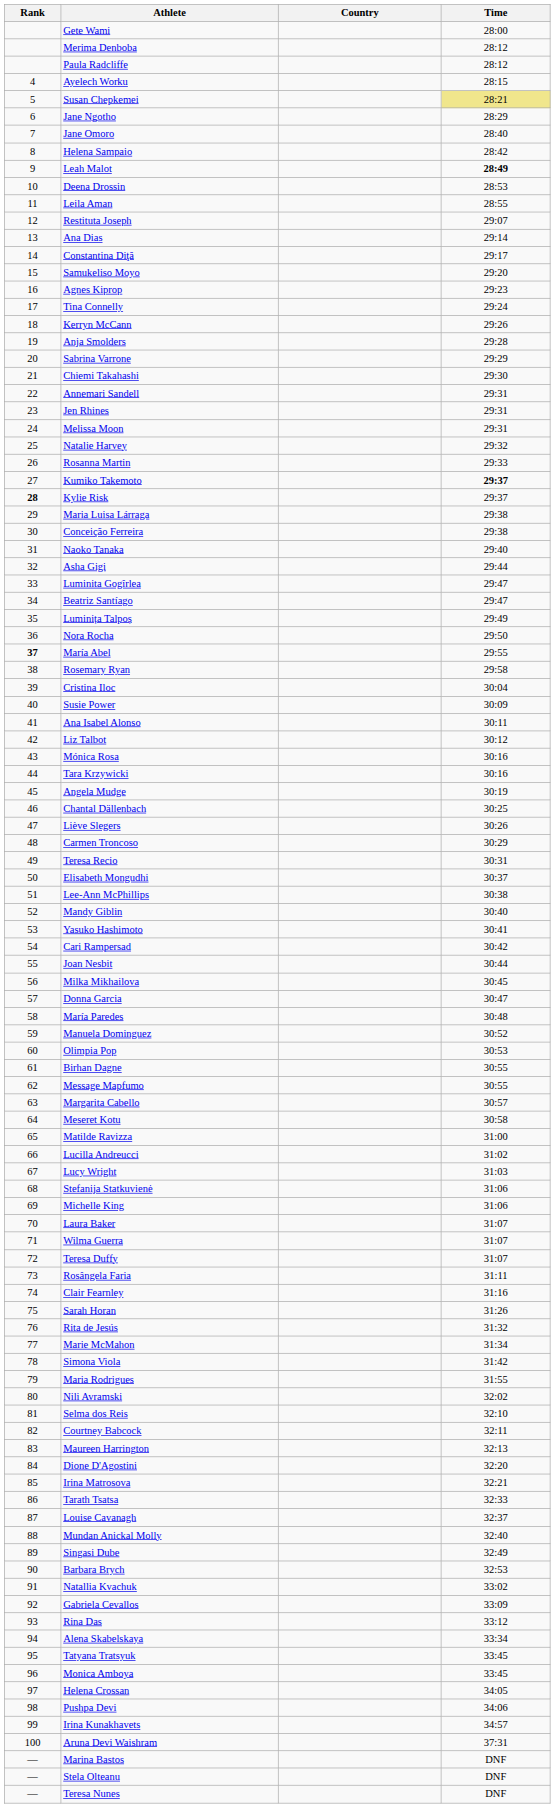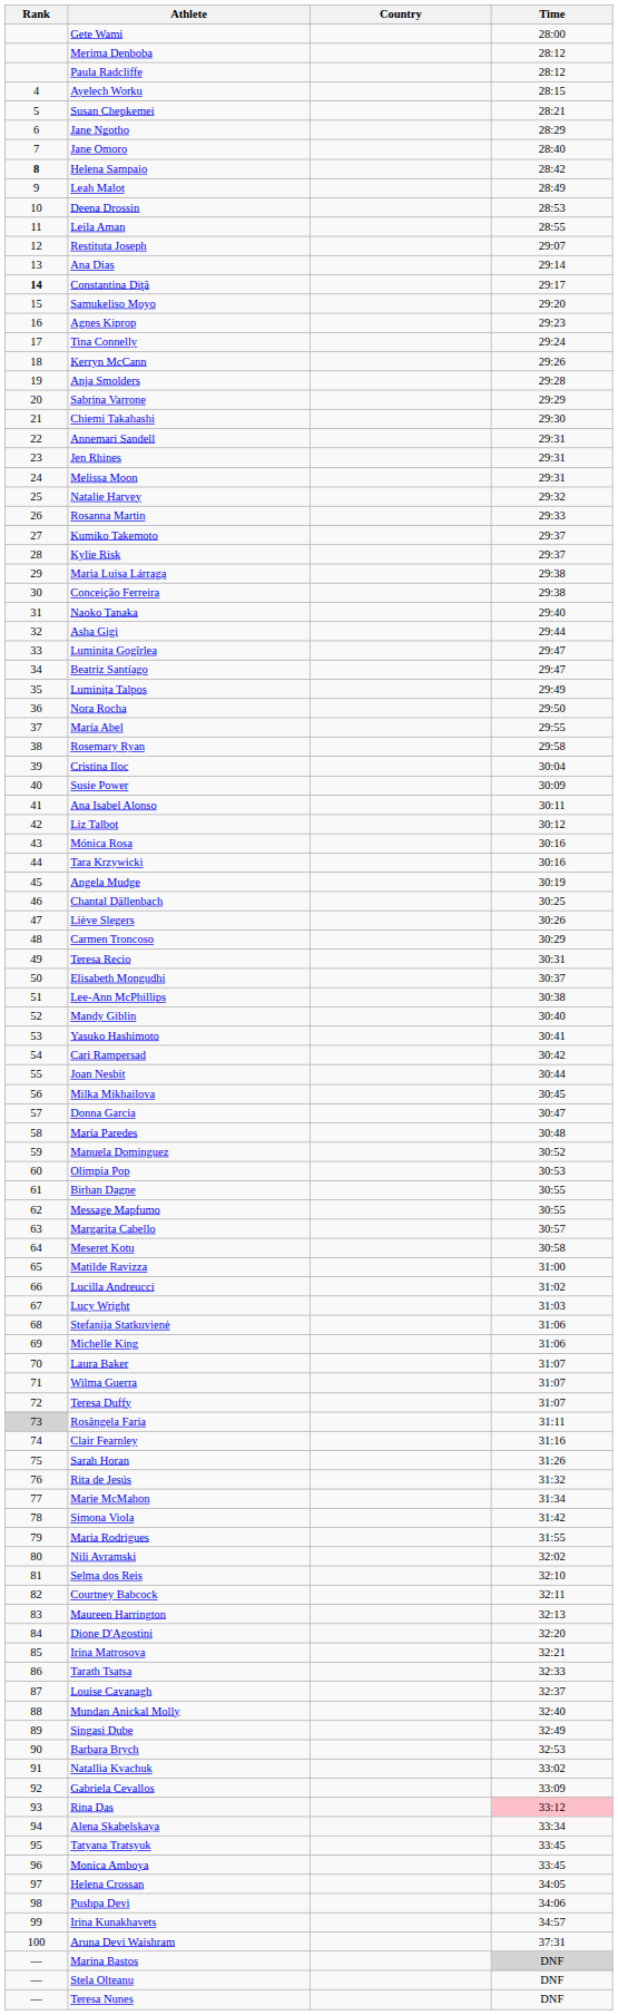 <table class="wikitable sortable" style=" text-align:center; font-size:95%;" width="50%">
 <tr>
 <th width=5%>Rank</th>
 <th width=20%>Athlete</th>
 <th width=15%>Country</th>
 <th width=10%>Time</th>
 </tr>
 <tr>
 <td align=center></td>
 <td align=left><a href='#'>Gete Wami</a></td>
 <td align=left></td>
 <td>28:00</td>
 </tr>
 <tr>
 <td align=center></td>
 <td align=left><a href='#'>Merima Denboba</a></td>
 <td align=left></td>
 <td>28:12</td>
 </tr>
 <tr>
 <td align=center></td>
 <td align=left><a href='#'>Paula Radcliffe</a></td>
 <td align=left></td>
 <td>28:12</td>
 </tr>
 <tr>
 <td align=center>4</td>
 <td align=left><a href='#'>Ayelech Worku</a></td>
 <td align=left></td>
 <td>28:15</td>
 </tr>
 <tr>
 <td align=center>5</td>
 <td align=left><a href='#'>Susan Chepkemei</a></td>
 <td align=left></td>
-<td style="background: khaki;">28:21</td>
+<td>28:21</td>
 </tr>
 <tr>
 <td align=center>6</td>
 <td align=left><a href='#'>Jane Ngotho</a></td>
 <td align=left></td>
 <td>28:29</td>
 </tr>
 <tr>
 <td align=center>7</td>
 <td align=left><a href='#'>Jane Omoro</a></td>
 <td align=left></td>
 <td>28:40</td>
 </tr>
 <tr>
-<td align=center>8</td>
+<td align=center><strong>8</strong></td>
 <td align=left><a href='#'>Helena Sampaio</a></td>
 <td align=left></td>
 <td>28:42</td>
 </tr>
 <tr>
 <td align=center>9</td>
 <td align=left><a href='#'>Leah Malot</a></td>
 <td align=left></td>
-<td><strong>28:49</strong></td>
+<td>28:49</td>
 </tr>
 <tr>
 <td align=center>10</td>
 <td align=left><a href='#'>Deena Drossin</a></td>
 <td align=left></td>
 <td>28:53</td>
 </tr>
 <tr>
 <td align=center>11</td>
 <td align=left><a href='#'>Leila Aman</a></td>
 <td align=left></td>
 <td>28:55</td>
 </tr>
 <tr>
 <td align=center>12</td>
 <td align=left><a href='#'>Restituta Joseph</a></td>
 <td align=left></td>
 <td>29:07</td>
 </tr>
 <tr>
 <td align=center>13</td>
 <td align=left><a href='#'>Ana Dias</a></td>
 <td align=left></td>
 <td>29:14</td>
 </tr>
 <tr>
-<td align=center>14</td>
+<td align=center><strong>14</strong></td>
 <td align=left><a href='#'>Constantina Diţă</a></td>
 <td align=left></td>
 <td>29:17</td>
 </tr>
 <tr>
 <td align=center>15</td>
 <td align=left><a href='#'>Samukeliso Moyo</a></td>
 <td align=left></td>
 <td>29:20</td>
 </tr>
 <tr>
 <td align=center>16</td>
 <td align=left><a href='#'>Agnes Kiprop</a></td>
 <td align=left></td>
 <td>29:23</td>
 </tr>
 <tr>
 <td align=center>17</td>
 <td align=left><a href='#'>Tina Connelly</a></td>
 <td align=left></td>
 <td>29:24</td>
 </tr>
 <tr>
 <td align=center>18</td>
 <td align=left><a href='#'>Kerryn McCann</a></td>
 <td align=left></td>
 <td>29:26</td>
 </tr>
 <tr>
 <td align=center>19</td>
 <td align=left><a href='#'>Anja Smolders</a></td>
 <td align=left></td>
 <td>29:28</td>
 </tr>
 <tr>
 <td align=center>20</td>
 <td align=left><a href='#'>Sabrina Varrone</a></td>
 <td align=left></td>
 <td>29:29</td>
 </tr>
 <tr>
 <td align=center>21</td>
 <td align=left><a href='#'>Chiemi Takahashi</a></td>
 <td align=left></td>
 <td>29:30</td>
 </tr>
 <tr>
 <td align=center>22</td>
 <td align=left><a href='#'>Annemari Sandell</a></td>
 <td align=left></td>
 <td>29:31</td>
 </tr>
 <tr>
 <td align=center>23</td>
 <td align=left><a href='#'>Jen Rhines</a></td>
 <td align=left></td>
 <td>29:31</td>
 </tr>
 <tr>
 <td align=center>24</td>
 <td align=left><a href='#'>Melissa Moon</a></td>
 <td align=left></td>
 <td>29:31</td>
 </tr>
 <tr>
 <td align=center>25</td>
 <td align=left><a href='#'>Natalie Harvey</a></td>
 <td align=left></td>
 <td>29:32</td>
 </tr>
 <tr>
 <td align=center>26</td>
 <td align=left><a href='#'>Rosanna Martin</a></td>
 <td align=left></td>
 <td>29:33</td>
 </tr>
 <tr>
 <td align=center>27</td>
 <td align=left><a href='#'>Kumiko Takemoto</a></td>
 <td align=left></td>
-<td><strong>29:37</strong></td>
+<td>29:37</td>
 </tr>
 <tr>
-<td align=center><strong>28</strong></td>
+<td align=center>28</td>
 <td align=left><a href='#'>Kylie Risk</a></td>
 <td align=left></td>
 <td>29:37</td>
 </tr>
 <tr>
 <td align=center>29</td>
 <td align=left><a href='#'>Maria Luisa Lárraga</a></td>
 <td align=left></td>
 <td>29:38</td>
 </tr>
 <tr>
 <td align=center>30</td>
 <td align=left><a href='#'>Conceição Ferreira</a></td>
 <td align=left></td>
 <td>29:38</td>
 </tr>
 <tr>
 <td align=center>31</td>
 <td align=left><a href='#'>Naoko Tanaka</a></td>
 <td align=left></td>
 <td>29:40</td>
 </tr>
 <tr>
 <td align=center>32</td>
 <td align=left><a href='#'>Asha Gigi</a></td>
 <td align=left></td>
 <td>29:44</td>
 </tr>
 <tr>
 <td align=center>33</td>
 <td align=left><a href='#'>Luminita Gogîrlea</a></td>
 <td align=left></td>
 <td>29:47</td>
 </tr>
 <tr>
 <td align=center>34</td>
 <td align=left><a href='#'>Beatriz Santíago</a></td>
 <td align=left></td>
 <td>29:47</td>
 </tr>
 <tr>
 <td align=center>35</td>
 <td align=left><a href='#'>Luminița Talpoș</a></td>
 <td align=left></td>
 <td>29:49</td>
 </tr>
 <tr>
 <td align=center>36</td>
 <td align=left><a href='#'>Nora Rocha</a></td>
 <td align=left></td>
 <td>29:50</td>
 </tr>
 <tr>
-<td align=center><strong>37</strong></td>
+<td align=center>37</td>
 <td align=left><a href='#'>María Abel</a></td>
 <td align=left></td>
 <td>29:55</td>
 </tr>
 <tr>
 <td align=center>38</td>
 <td align=left><a href='#'>Rosemary Ryan</a></td>
 <td align=left></td>
 <td>29:58</td>
 </tr>
 <tr>
 <td align=center>39</td>
 <td align=left><a href='#'>Cristina Iloc</a></td>
 <td align=left></td>
 <td>30:04</td>
 </tr>
 <tr>
 <td align=center>40</td>
 <td align=left><a href='#'>Susie Power</a></td>
 <td align=left></td>
 <td>30:09</td>
 </tr>
 <tr>
 <td align=center>41</td>
 <td align=left><a href='#'>Ana Isabel Alonso</a></td>
 <td align=left></td>
 <td>30:11</td>
 </tr>
 <tr>
 <td align=center>42</td>
 <td align=left><a href='#'>Liz Talbot</a></td>
 <td align=left></td>
 <td>30:12</td>
 </tr>
 <tr>
 <td align=center>43</td>
 <td align=left><a href='#'>Mónica Rosa</a></td>
 <td align=left></td>
 <td>30:16</td>
 </tr>
 <tr>
 <td align=center>44</td>
 <td align=left><a href='#'>Tara Krzywicki</a></td>
 <td align=left></td>
 <td>30:16</td>
 </tr>
 <tr>
 <td align=center>45</td>
 <td align=left><a href='#'>Angela Mudge</a></td>
 <td align=left></td>
 <td>30:19</td>
 </tr>
 <tr>
 <td align=center>46</td>
 <td align=left><a href='#'>Chantal Dällenbach</a></td>
 <td align=left></td>
 <td>30:25</td>
 </tr>
 <tr>
 <td align=center>47</td>
 <td align=left><a href='#'>Liève Slegers</a></td>
 <td align=left></td>
 <td>30:26</td>
 </tr>
 <tr>
 <td align=center>48</td>
 <td align=left><a href='#'>Carmen Troncoso</a></td>
 <td align=left></td>
 <td>30:29</td>
 </tr>
 <tr>
 <td align=center>49</td>
 <td align=left><a href='#'>Teresa Recio</a></td>
 <td align=left></td>
 <td>30:31</td>
 </tr>
 <tr>
 <td align=center>50</td>
 <td align=left><a href='#'>Elisabeth Mongudhi</a></td>
 <td align=left></td>
 <td>30:37</td>
 </tr>
 <tr>
 <td align=center>51</td>
 <td align=left><a href='#'>Lee-Ann McPhillips</a></td>
 <td align=left></td>
 <td>30:38</td>
 </tr>
 <tr>
 <td align=center>52</td>
 <td align=left><a href='#'>Mandy Giblin</a></td>
 <td align=left></td>
 <td>30:40</td>
 </tr>
 <tr>
 <td align=center>53</td>
 <td align=left><a href='#'>Yasuko Hashimoto</a></td>
 <td align=left></td>
 <td>30:41</td>
 </tr>
 <tr>
 <td align=center>54</td>
 <td align=left><a href='#'>Cari Rampersad</a></td>
 <td align=left></td>
 <td>30:42</td>
 </tr>
 <tr>
 <td align=center>55</td>
 <td align=left><a href='#'>Joan Nesbit</a></td>
 <td align=left></td>
 <td>30:44</td>
 </tr>
 <tr>
 <td align=center>56</td>
 <td align=left><a href='#'>Milka Mikhailova</a></td>
 <td align=left></td>
 <td>30:45</td>
 </tr>
 <tr>
 <td align=center>57</td>
 <td align=left><a href='#'>Donna Garcia</a></td>
 <td align=left></td>
 <td>30:47</td>
 </tr>
 <tr>
 <td align=center>58</td>
 <td align=left><a href='#'>María Paredes</a></td>
 <td align=left></td>
 <td>30:48</td>
 </tr>
 <tr>
 <td align=center>59</td>
 <td align=left><a href='#'>Manuela Dominguez</a></td>
 <td align=left></td>
 <td>30:52</td>
 </tr>
 <tr>
 <td align=center>60</td>
 <td align=left><a href='#'>Olimpia Pop</a></td>
 <td align=left></td>
 <td>30:53</td>
 </tr>
 <tr>
 <td align=center>61</td>
 <td align=left><a href='#'>Birhan Dagne</a></td>
 <td align=left></td>
 <td>30:55</td>
 </tr>
 <tr>
 <td align=center>62</td>
 <td align=left><a href='#'>Message Mapfumo</a></td>
 <td align=left></td>
 <td>30:55</td>
 </tr>
 <tr>
 <td align=center>63</td>
 <td align=left><a href='#'>Margarita Cabello</a></td>
 <td align=left></td>
 <td>30:57</td>
 </tr>
 <tr>
 <td align=center>64</td>
 <td align=left><a href='#'>Meseret Kotu</a></td>
 <td align=left></td>
 <td>30:58</td>
 </tr>
 <tr>
 <td align=center>65</td>
 <td align=left><a href='#'>Matilde Ravizza</a></td>
 <td align=left></td>
 <td>31:00</td>
 </tr>
 <tr>
 <td align=center>66</td>
 <td align=left><a href='#'>Lucilla Andreucci</a></td>
 <td align=left></td>
 <td>31:02</td>
 </tr>
 <tr>
 <td align=center>67</td>
 <td align=left><a href='#'>Lucy Wright</a></td>
 <td align=left></td>
 <td>31:03</td>
 </tr>
 <tr>
 <td align=center>68</td>
 <td align=left><a href='#'>Stefanija Statkuvienė</a></td>
 <td align=left></td>
 <td>31:06</td>
 </tr>
 <tr>
 <td align=center>69</td>
 <td align=left><a href='#'>Michelle King</a></td>
 <td align=left></td>
 <td>31:06</td>
 </tr>
 <tr>
 <td align=center>70</td>
 <td align=left><a href='#'>Laura Baker</a></td>
 <td align=left></td>
 <td>31:07</td>
 </tr>
 <tr>
 <td align=center>71</td>
 <td align=left><a href='#'>Wilma Guerra</a></td>
 <td align=left></td>
 <td>31:07</td>
 </tr>
 <tr>
 <td align=center>72</td>
 <td align=left><a href='#'>Teresa Duffy</a></td>
 <td align=left></td>
 <td>31:07</td>
 </tr>
 <tr>
-<td align=center>73</td>
+<td align=center style="background: lightgrey;">73</td>
 <td align=left><a href='#'>Rosângela Faria</a></td>
 <td align=left></td>
 <td>31:11</td>
 </tr>
 <tr>
 <td align=center>74</td>
 <td align=left><a href='#'>Clair Fearnley</a></td>
 <td align=left></td>
 <td>31:16</td>
 </tr>
 <tr>
 <td align=center>75</td>
 <td align=left><a href='#'>Sarah Horan</a></td>
 <td align=left></td>
 <td>31:26</td>
 </tr>
 <tr>
 <td align=center>76</td>
 <td align=left><a href='#'>Rita de Jesús</a></td>
 <td align=left></td>
 <td>31:32</td>
 </tr>
 <tr>
 <td align=center>77</td>
 <td align=left><a href='#'>Marie McMahon</a></td>
 <td align=left></td>
 <td>31:34</td>
 </tr>
 <tr>
 <td align=center>78</td>
 <td align=left><a href='#'>Simona Viola</a></td>
 <td align=left></td>
 <td>31:42</td>
 </tr>
 <tr>
 <td align=center>79</td>
 <td align=left><a href='#'>Maria Rodrigues</a></td>
 <td align=left></td>
 <td>31:55</td>
 </tr>
 <tr>
 <td align=center>80</td>
 <td align=left><a href='#'>Nili Avramski</a></td>
 <td align=left></td>
 <td>32:02</td>
 </tr>
 <tr>
 <td align=center>81</td>
 <td align=left><a href='#'>Selma dos Reis</a></td>
 <td align=left></td>
 <td>32:10</td>
 </tr>
 <tr>
 <td align=center>82</td>
 <td align=left><a href='#'>Courtney Babcock</a></td>
 <td align=left></td>
 <td>32:11</td>
 </tr>
 <tr>
 <td align=center>83</td>
 <td align=left><a href='#'>Maureen Harrington</a></td>
 <td align=left></td>
 <td>32:13</td>
 </tr>
 <tr>
 <td align=center>84</td>
 <td align=left><a href='#'>Dione D'Agostini</a></td>
 <td align=left></td>
 <td>32:20</td>
 </tr>
 <tr>
 <td align=center>85</td>
 <td align=left><a href='#'>Irina Matrosova</a></td>
 <td align=left></td>
 <td>32:21</td>
 </tr>
 <tr>
 <td align=center>86</td>
 <td align=left><a href='#'>Tarath Tsatsa</a></td>
 <td align=left></td>
 <td>32:33</td>
 </tr>
 <tr>
 <td align=center>87</td>
 <td align=left><a href='#'>Louise Cavanagh</a></td>
 <td align=left></td>
 <td>32:37</td>
 </tr>
 <tr>
 <td align=center>88</td>
 <td align=left><a href='#'>Mundan Anickal Molly</a></td>
 <td align=left></td>
 <td>32:40</td>
 </tr>
 <tr>
 <td align=center>89</td>
 <td align=left><a href='#'>Singasi Dube</a></td>
 <td align=left></td>
 <td>32:49</td>
 </tr>
 <tr>
 <td align=center>90</td>
 <td align=left><a href='#'>Barbara Brych</a></td>
 <td align=left></td>
 <td>32:53</td>
 </tr>
 <tr>
 <td align=center>91</td>
 <td align=left><a href='#'>Natallia Kvachuk</a></td>
 <td align=left></td>
 <td>33:02</td>
 </tr>
 <tr>
 <td align=center>92</td>
 <td align=left><a href='#'>Gabriela Cevallos</a></td>
 <td align=left></td>
 <td>33:09</td>
 </tr>
 <tr>
 <td align=center>93</td>
 <td align=left><a href='#'>Rina Das</a></td>
 <td align=left></td>
-<td>33:12</td>
+<td style="background: pink;">33:12</td>
 </tr>
 <tr>
 <td align=center>94</td>
 <td align=left><a href='#'>Alena Skabelskaya</a></td>
 <td align=left></td>
 <td>33:34</td>
 </tr>
 <tr>
 <td align=center>95</td>
 <td align=left><a href='#'>Tatyana Tratsyuk</a></td>
 <td align=left></td>
 <td>33:45</td>
 </tr>
 <tr>
 <td align=center>96</td>
 <td align=left><a href='#'>Monica Amboya</a></td>
 <td align=left></td>
 <td>33:45</td>
 </tr>
 <tr>
 <td align=center>97</td>
 <td align=left><a href='#'>Helena Crossan</a></td>
 <td align=left></td>
 <td>34:05</td>
 </tr>
 <tr>
 <td align=center>98</td>
 <td align=left><a href='#'>Pushpa Devi</a></td>
 <td align=left></td>
 <td>34:06</td>
 </tr>
 <tr>
 <td align=center>99</td>
 <td align=left><a href='#'>Irina Kunakhavets</a></td>
 <td align=left></td>
 <td>34:57</td>
 </tr>
 <tr>
 <td align=center>100</td>
 <td align=left><a href='#'>Aruna Devi Waishram</a></td>
 <td align=left></td>
 <td>37:31</td>
 </tr>
 <tr>
 <td align=center>—</td>
 <td align=left><a href='#'>Marina Bastos</a></td>
 <td align=left></td>
-<td>DNF</td>
+<td style="background: lightgrey;">DNF</td>
 </tr>
 <tr>
 <td align=center>—</td>
 <td align=left><a href='#'>Stela Olteanu</a></td>
 <td align=left></td>
 <td>DNF</td>
 </tr>
 <tr>
 <td align=center>—</td>
 <td align=left><a href='#'>Teresa Nunes</a></td>
 <td align=left></td>
 <td>DNF</td>
 </tr>
 </table>
